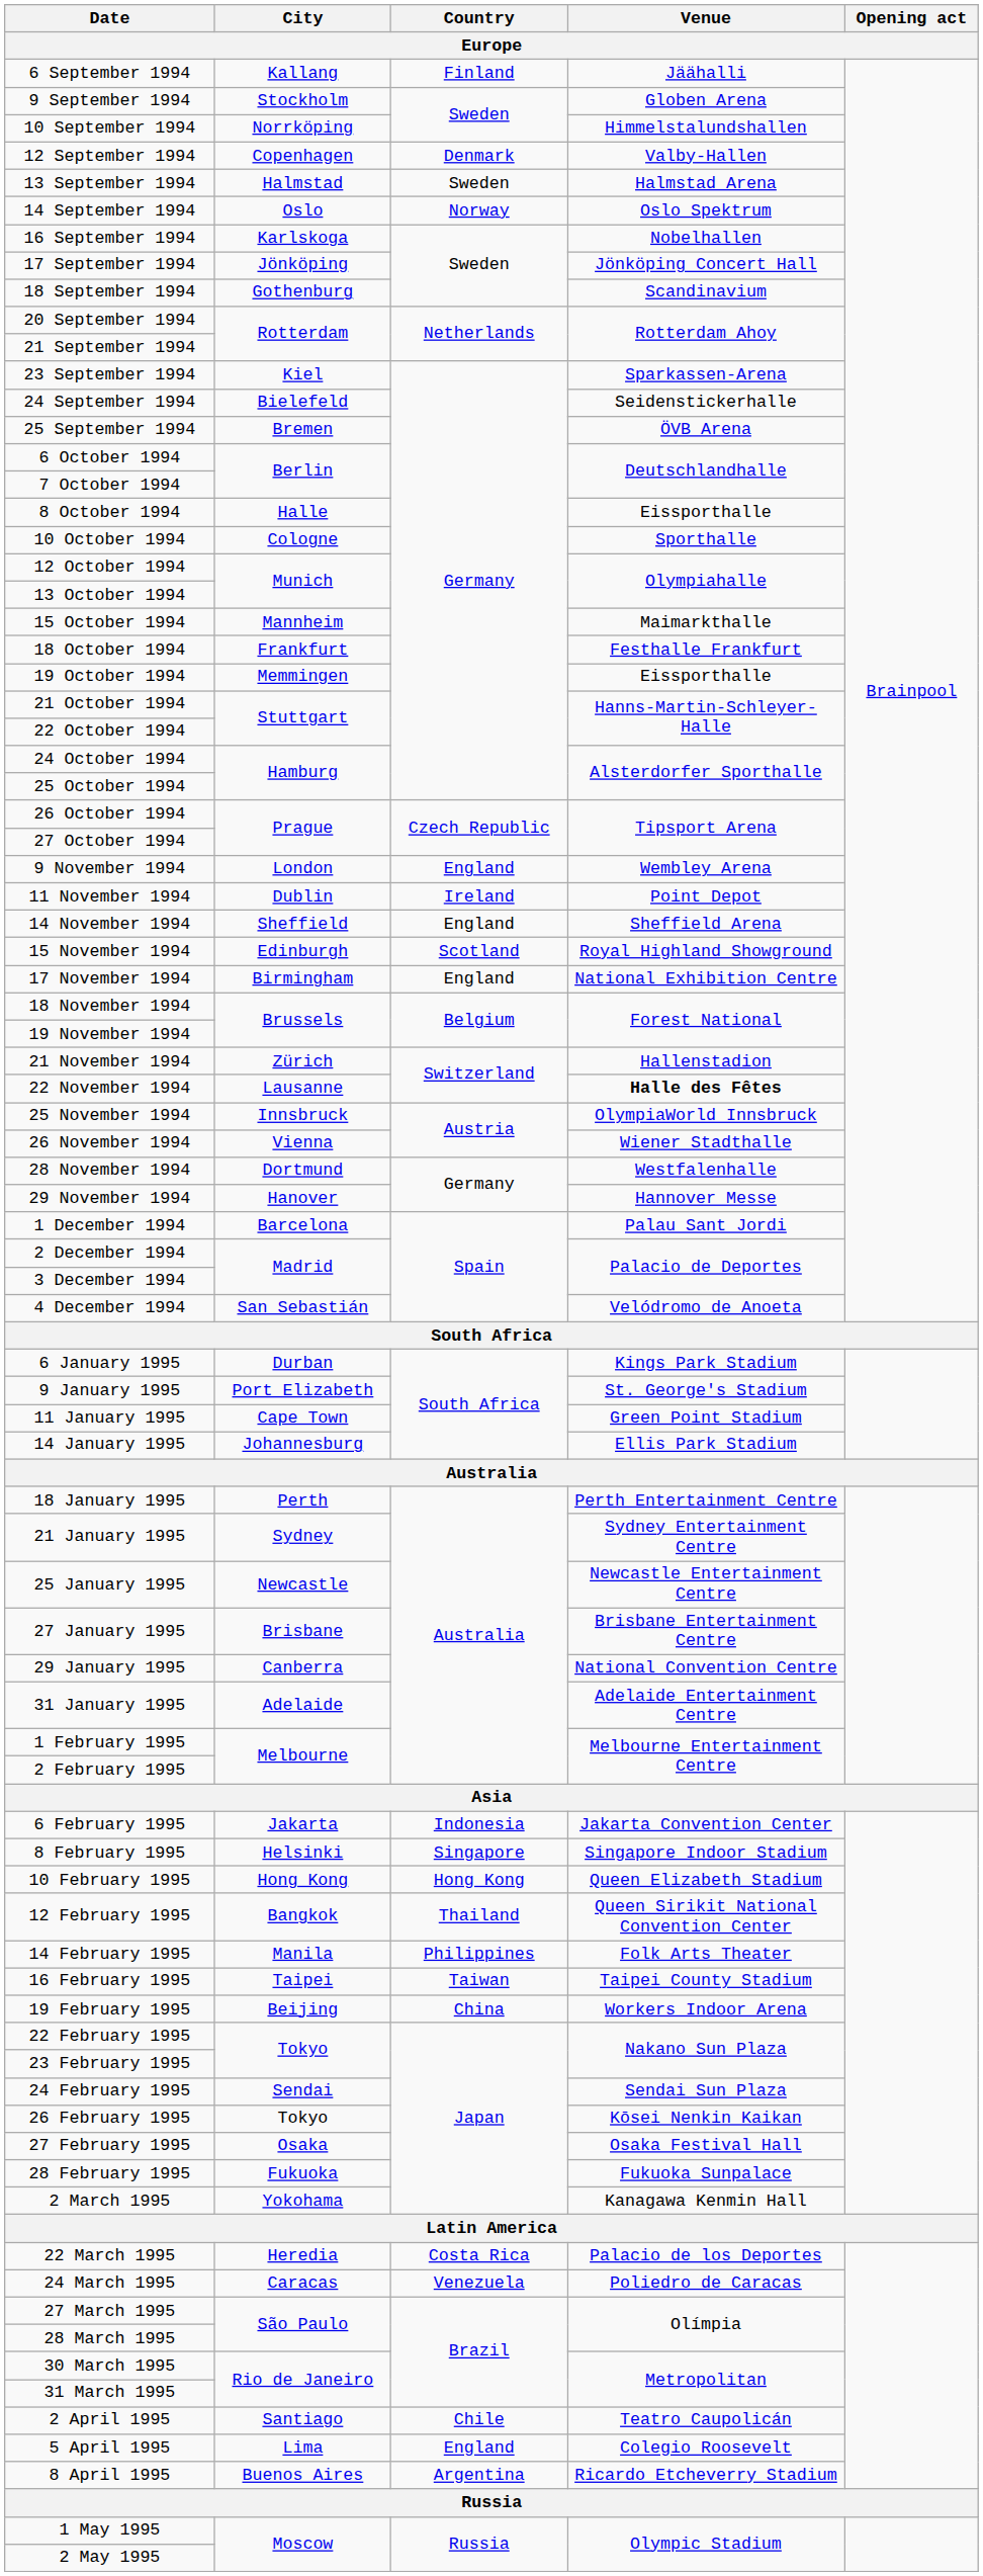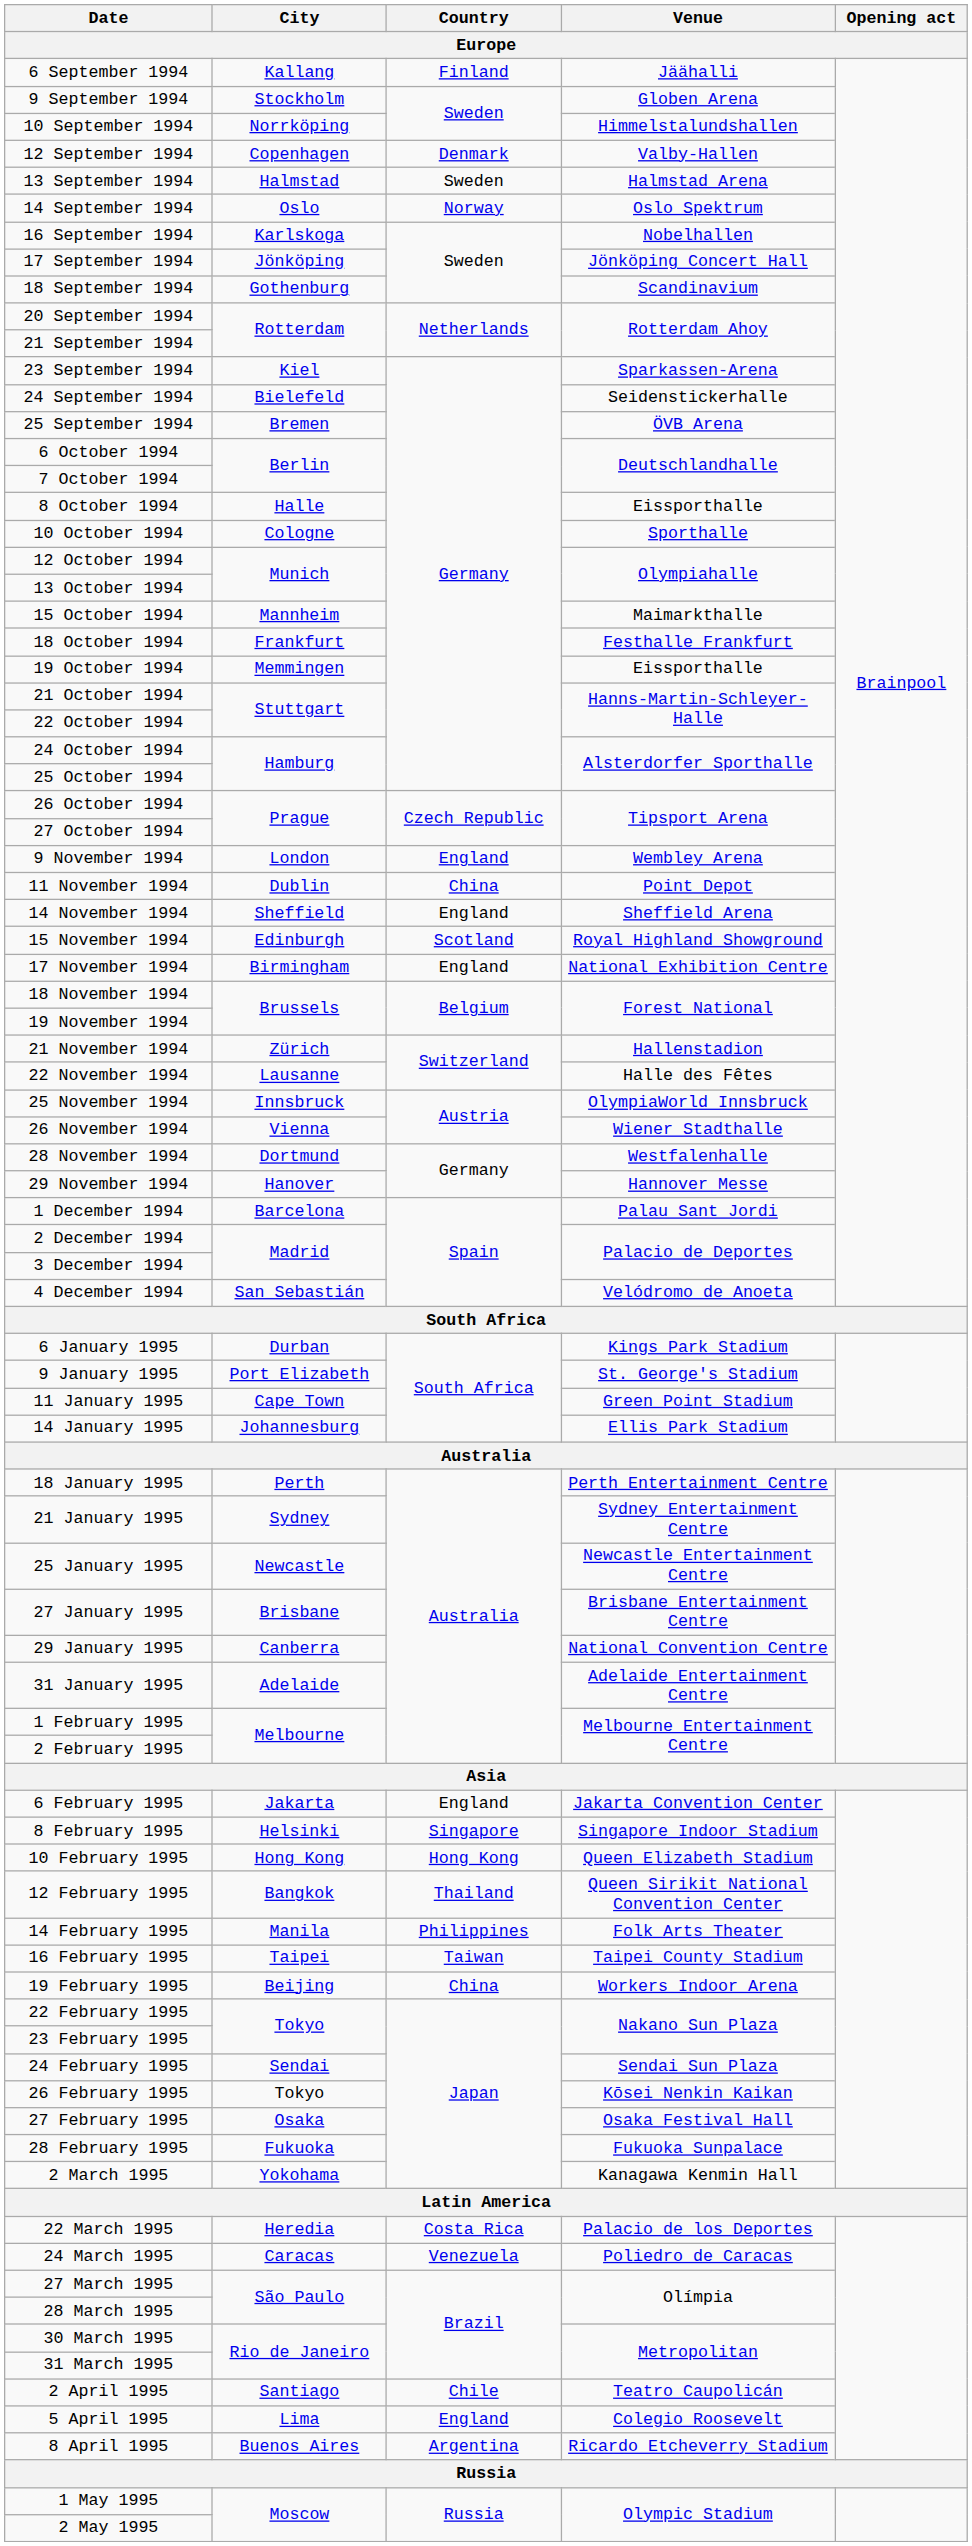 <table class="wikitable" style="text-align:center;">
 <tr>
 <th scope="col" style="width:12em;">Date</th>
 <th scope="col" style="width:10em;">City</th>
 <th scope="col" style="width:10em;">Country</th>
 <th scope="col" style="width:16em;">Venue</th>
 <th scope="col" style="width:7.5em;">Opening act</th>
 </tr>
 <tr>
 <th colspan="5">Europe</th>
 </tr>
 <tr>
 <td>6 September 1994</td>
 <td><a href='#'>Kallang</a></td>
 <td><a href='#'>Finland</a></td>
 <td><a href='#'>Jäähalli</a></td>
 <td rowspan="46"><a href='#'>Brainpool</a></td>
 </tr>
 <tr>
 <td>9 September 1994</td>
 <td><a href='#'>Stockholm</a></td>
 <td rowspan="2"><a href='#'>Sweden</a></td>
 <td><a href='#'>Globen Arena</a></td>
 </tr>
 <tr>
 <td>10 September 1994</td>
 <td><a href='#'>Norrköping</a></td>
 <td><a href='#'>Himmelstalundshallen</a></td>
 </tr>
 <tr>
 <td>12 September 1994</td>
 <td><a href='#'>Copenhagen</a></td>
 <td><a href='#'>Denmark</a></td>
 <td><a href='#'>Valby-Hallen</a></td>
 </tr>
 <tr>
 <td>13 September 1994</td>
 <td><a href='#'>Halmstad</a></td>
 <td>Sweden</td>
 <td><a href='#'>Halmstad Arena</a></td>
 </tr>
 <tr>
 <td>14 September 1994</td>
 <td><a href='#'>Oslo</a></td>
 <td><a href='#'>Norway</a></td>
 <td><a href='#'>Oslo Spektrum</a></td>
 </tr>
 <tr>
 <td>16 September 1994</td>
 <td><a href='#'>Karlskoga</a></td>
 <td rowspan="3">Sweden</td>
 <td><a href='#'>Nobelhallen</a></td>
 </tr>
 <tr>
 <td>17 September 1994</td>
 <td><a href='#'>Jönköping</a></td>
 <td><a href='#'>Jönköping Concert Hall</a></td>
 </tr>
 <tr>
 <td>18 September 1994</td>
 <td><a href='#'>Gothenburg</a></td>
 <td><a href='#'>Scandinavium</a></td>
 </tr>
 <tr>
 <td>20 September 1994</td>
 <td rowspan="2"><a href='#'>Rotterdam</a></td>
 <td rowspan="2"><a href='#'>Netherlands</a></td>
 <td rowspan="2"><a href='#'>Rotterdam Ahoy</a></td>
 </tr>
 <tr>
 <td>21 September 1994</td>
 </tr>
 <tr>
 <td>23 September 1994</td>
 <td><a href='#'>Kiel</a></td>
 <td rowspan="16"><a href='#'>Germany</a></td>
 <td><a href='#'>Sparkassen-Arena</a></td>
 </tr>
 <tr>
 <td>24 September 1994</td>
 <td><a href='#'>Bielefeld</a></td>
 <td>Seidenstickerhalle</td>
 </tr>
 <tr>
 <td>25 September 1994</td>
 <td><a href='#'>Bremen</a></td>
 <td><a href='#'>ÖVB Arena</a></td>
 </tr>
 <tr>
 <td>6 October 1994</td>
 <td rowspan="2"><a href='#'>Berlin</a></td>
 <td rowspan="2"><a href='#'>Deutschlandhalle</a></td>
 </tr>
 <tr>
 <td>7 October 1994</td>
 </tr>
 <tr>
 <td>8 October 1994</td>
 <td><a href='#'>Halle</a></td>
 <td>Eissporthalle</td>
 </tr>
 <tr>
 <td>10 October 1994</td>
 <td><a href='#'>Cologne</a></td>
 <td><a href='#'>Sporthalle</a></td>
 </tr>
 <tr>
 <td>12 October 1994</td>
 <td rowspan="2"><a href='#'>Munich</a></td>
 <td rowspan="2"><a href='#'>Olympiahalle</a></td>
 </tr>
 <tr>
 <td>13 October 1994</td>
 </tr>
 <tr>
 <td>15 October 1994</td>
 <td><a href='#'>Mannheim</a></td>
 <td>Maimarkthalle</td>
 </tr>
 <tr>
 <td>18 October 1994</td>
 <td><a href='#'>Frankfurt</a></td>
 <td><a href='#'>Festhalle Frankfurt</a></td>
 </tr>
 <tr>
 <td>19 October 1994</td>
 <td><a href='#'>Memmingen</a></td>
 <td>Eissporthalle</td>
 </tr>
 <tr>
 <td>21 October 1994</td>
 <td rowspan="2"><a href='#'>Stuttgart</a></td>
 <td rowspan="2"><a href='#'>Hanns-Martin-Schleyer-Halle</a></td>
 </tr>
 <tr>
 <td>22 October 1994</td>
 </tr>
 <tr>
 <td>24 October 1994</td>
 <td rowspan="2"><a href='#'>Hamburg</a></td>
 <td rowspan="2"><a href='#'>Alsterdorfer Sporthalle</a></td>
 </tr>
 <tr>
 <td>25 October 1994</td>
 </tr>
 <tr>
 <td>26 October 1994</td>
 <td rowspan="2"><a href='#'>Prague</a></td>
 <td rowspan="2"><a href='#'>Czech Republic</a></td>
 <td rowspan="2"><a href='#'>Tipsport Arena</a></td>
 </tr>
 <tr>
 <td>27 October 1994</td>
 </tr>
 <tr>
 <td>9 November 1994</td>
 <td><a href='#'>London</a></td>
 <td><a href='#'>England</a></td>
 <td><a href='#'>Wembley Arena</a></td>
 </tr>
 <tr>
 <td>11 November 1994</td>
 <td><a href='#'>Dublin</a></td>
-<td><a href='#'>Ireland</a></td>
+<td><a href='#'>China</a></td>
 <td><a href='#'>Point Depot</a></td>
 </tr>
 <tr>
 <td>14 November 1994</td>
 <td><a href='#'>Sheffield</a></td>
 <td>England</td>
 <td><a href='#'>Sheffield Arena</a></td>
 </tr>
 <tr>
 <td>15 November 1994</td>
 <td><a href='#'>Edinburgh</a></td>
 <td><a href='#'>Scotland</a></td>
 <td><a href='#'>Royal Highland Showground</a></td>
 </tr>
 <tr>
 <td>17 November 1994</td>
 <td><a href='#'>Birmingham</a></td>
 <td>England</td>
 <td><a href='#'>National Exhibition Centre</a></td>
 </tr>
 <tr>
 <td>18 November 1994</td>
 <td rowspan="2"><a href='#'>Brussels</a></td>
 <td rowspan="2"><a href='#'>Belgium</a></td>
 <td rowspan="2"><a href='#'>Forest National</a></td>
 </tr>
 <tr>
 <td>19 November 1994</td>
 </tr>
 <tr>
 <td>21 November 1994</td>
 <td><a href='#'>Zürich</a></td>
 <td rowspan="2"><a href='#'>Switzerland</a></td>
 <td><a href='#'>Hallenstadion</a></td>
 </tr>
 <tr>
 <td>22 November 1994</td>
 <td><a href='#'>Lausanne</a></td>
-<td><strong>Halle des Fêtes</strong></td>
+<td>Halle des Fêtes</td>
 </tr>
 <tr>
 <td>25 November 1994</td>
 <td><a href='#'>Innsbruck</a></td>
 <td rowspan="2"><a href='#'>Austria</a></td>
 <td><a href='#'>OlympiaWorld Innsbruck</a></td>
 </tr>
 <tr>
 <td>26 November 1994</td>
 <td><a href='#'>Vienna</a></td>
 <td><a href='#'>Wiener Stadthalle</a></td>
 </tr>
 <tr>
 <td>28 November 1994</td>
 <td><a href='#'>Dortmund</a></td>
 <td rowspan="2">Germany</td>
 <td><a href='#'>Westfalenhalle</a></td>
 </tr>
 <tr>
 <td>29 November 1994</td>
 <td><a href='#'>Hanover</a></td>
 <td><a href='#'>Hannover Messe</a></td>
 </tr>
 <tr>
 <td>1 December 1994</td>
 <td><a href='#'>Barcelona</a></td>
 <td rowspan="4"><a href='#'>Spain</a></td>
 <td><a href='#'>Palau Sant Jordi</a></td>
 </tr>
 <tr>
 <td>2 December 1994</td>
 <td rowspan="2"><a href='#'>Madrid</a></td>
 <td rowspan="2"><a href='#'>Palacio de Deportes</a></td>
 </tr>
 <tr>
 <td>3 December 1994</td>
 </tr>
 <tr>
 <td>4 December 1994</td>
 <td><a href='#'>San Sebastián</a></td>
 <td><a href='#'>Velódromo de Anoeta</a></td>
 </tr>
 <tr>
 <th colspan="5">South Africa</th>
 </tr>
 <tr>
 <td>6 January 1995</td>
 <td><a href='#'>Durban</a></td>
 <td rowspan="4"><a href='#'>South Africa</a></td>
 <td><a href='#'>Kings Park Stadium</a></td>
 <td rowspan="4"></td>
 </tr>
 <tr>
 <td>9 January 1995</td>
 <td><a href='#'>Port Elizabeth</a></td>
 <td><a href='#'>St. George's Stadium</a></td>
 </tr>
 <tr>
 <td>11 January 1995</td>
 <td><a href='#'>Cape Town</a></td>
 <td><a href='#'>Green Point Stadium</a></td>
 </tr>
 <tr>
 <td>14 January 1995</td>
 <td><a href='#'>Johannesburg</a></td>
 <td><a href='#'>Ellis Park Stadium</a></td>
 </tr>
 <tr>
 <th colspan="5">Australia</th>
 </tr>
 <tr>
 <td>18 January 1995</td>
 <td><a href='#'>Perth</a></td>
 <td rowspan="8"><a href='#'>Australia</a></td>
 <td><a href='#'>Perth Entertainment Centre</a></td>
 <td rowspan="8"></td>
 </tr>
 <tr>
 <td>21 January 1995</td>
 <td><a href='#'>Sydney</a></td>
 <td><a href='#'>Sydney Entertainment Centre</a></td>
 </tr>
 <tr>
 <td>25 January 1995</td>
 <td><a href='#'>Newcastle</a></td>
 <td><a href='#'>Newcastle Entertainment Centre</a></td>
 </tr>
 <tr>
 <td>27 January 1995</td>
 <td><a href='#'>Brisbane</a></td>
 <td><a href='#'>Brisbane Entertainment Centre</a></td>
 </tr>
 <tr>
 <td>29 January 1995</td>
 <td><a href='#'>Canberra</a></td>
 <td><a href='#'>National Convention Centre</a></td>
 </tr>
 <tr>
 <td>31 January 1995</td>
 <td><a href='#'>Adelaide</a></td>
 <td><a href='#'>Adelaide Entertainment Centre</a></td>
 </tr>
 <tr>
 <td>1 February 1995</td>
 <td rowspan="2"><a href='#'>Melbourne</a></td>
 <td rowspan="2"><a href='#'>Melbourne Entertainment Centre</a></td>
 </tr>
 <tr>
 <td>2 February 1995</td>
 </tr>
 <tr>
 <th colspan="5">Asia</th>
 </tr>
 <tr>
 <td>6 February 1995</td>
 <td><a href='#'>Jakarta</a></td>
-<td><a href='#'>Indonesia</a></td>
+<td>England</td>
 <td><a href='#'>Jakarta Convention Center</a></td>
 <td rowspan="14"></td>
 </tr>
 <tr>
 <td>8 February 1995</td>
 <td><a href='#'>Helsinki</a></td>
 <td><a href='#'>Singapore</a></td>
 <td><a href='#'>Singapore Indoor Stadium</a></td>
 </tr>
 <tr>
 <td>10 February 1995</td>
 <td><a href='#'>Hong Kong</a></td>
 <td><a href='#'>Hong Kong</a></td>
 <td><a href='#'>Queen Elizabeth Stadium</a></td>
 </tr>
 <tr>
 <td>12 February 1995</td>
 <td><a href='#'>Bangkok</a></td>
 <td><a href='#'>Thailand</a></td>
 <td><a href='#'>Queen Sirikit National Convention Center</a></td>
 </tr>
 <tr>
 <td>14 February 1995</td>
 <td><a href='#'>Manila</a></td>
 <td><a href='#'>Philippines</a></td>
 <td><a href='#'>Folk Arts Theater</a></td>
 </tr>
 <tr>
 <td>16 February 1995</td>
 <td><a href='#'>Taipei</a></td>
 <td><a href='#'>Taiwan</a></td>
 <td><a href='#'>Taipei County Stadium</a></td>
 </tr>
 <tr>
 <td>19 February 1995</td>
 <td><a href='#'>Beijing</a></td>
 <td><a href='#'>China</a></td>
 <td><a href='#'>Workers Indoor Arena</a></td>
 </tr>
 <tr>
 <td>22 February 1995</td>
 <td rowspan="2"><a href='#'>Tokyo</a></td>
 <td rowspan="7"><a href='#'>Japan</a></td>
 <td rowspan="2"><a href='#'>Nakano Sun Plaza</a></td>
 </tr>
 <tr>
 <td>23 February 1995</td>
 </tr>
 <tr>
 <td>24 February 1995</td>
 <td><a href='#'>Sendai</a></td>
 <td><a href='#'>Sendai Sun Plaza</a></td>
 </tr>
 <tr>
 <td>26 February 1995</td>
 <td>Tokyo</td>
 <td><a href='#'>Kōsei Nenkin Kaikan</a></td>
 </tr>
 <tr>
 <td>27 February 1995</td>
 <td><a href='#'>Osaka</a></td>
 <td><a href='#'>Osaka Festival Hall</a></td>
 </tr>
 <tr>
 <td>28 February 1995</td>
 <td><a href='#'>Fukuoka</a></td>
 <td><a href='#'>Fukuoka Sunpalace</a></td>
 </tr>
 <tr>
 <td>2 March 1995</td>
 <td><a href='#'>Yokohama</a></td>
 <td>Kanagawa Kenmin Hall</td>
 </tr>
 <tr>
 <th colspan="5">Latin America</th>
 </tr>
 <tr>
 <td>22 March 1995</td>
 <td><a href='#'>Heredia</a></td>
 <td><a href='#'>Costa Rica</a></td>
 <td><a href='#'>Palacio de los Deportes</a></td>
 <td rowspan="9"></td>
 </tr>
 <tr>
 <td>24 March 1995</td>
 <td><a href='#'>Caracas</a></td>
 <td><a href='#'>Venezuela</a></td>
 <td><a href='#'>Poliedro de Caracas</a></td>
 </tr>
 <tr>
 <td>27 March 1995</td>
 <td rowspan="2"><a href='#'>São Paulo</a></td>
 <td rowspan="4"><a href='#'>Brazil</a></td>
 <td rowspan="2">Olímpia</td>
 </tr>
 <tr>
 <td>28 March 1995</td>
 </tr>
 <tr>
 <td>30 March 1995</td>
 <td rowspan="2"><a href='#'>Rio de Janeiro</a></td>
 <td rowspan="2"><a href='#'>Metropolitan</a></td>
 </tr>
 <tr>
 <td>31 March 1995</td>
 </tr>
 <tr>
 <td>2 April 1995</td>
 <td><a href='#'>Santiago</a></td>
 <td><a href='#'>Chile</a></td>
 <td><a href='#'>Teatro Caupolicán</a></td>
 </tr>
 <tr>
 <td>5 April 1995</td>
 <td><a href='#'>Lima</a></td>
 <td><a href='#'>England</a></td>
 <td><a href='#'>Colegio Roosevelt</a></td>
 </tr>
 <tr>
 <td>8 April 1995</td>
 <td><a href='#'>Buenos Aires</a></td>
 <td><a href='#'>Argentina</a></td>
 <td><a href='#'>Ricardo Etcheverry Stadium</a></td>
 </tr>
 <tr>
 <th colspan="5">Russia</th>
 </tr>
 <tr>
 <td>1 May 1995</td>
 <td rowspan="2"><a href='#'>Moscow</a></td>
 <td rowspan="2"><a href='#'>Russia</a></td>
 <td rowspan="2"><a href='#'>Olympic Stadium</a></td>
 <td rowspan="2"></td>
 </tr>
 <tr>
 <td>2 May 1995</td>
 </tr>
 <tr>
 </tr>
 </table>
